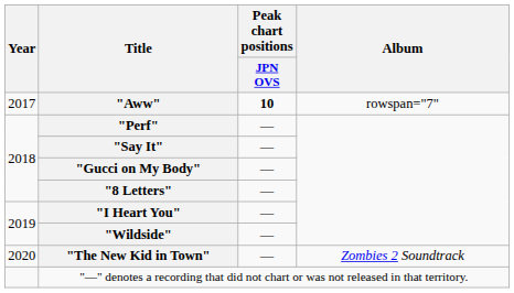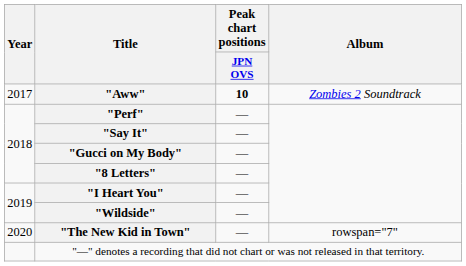 <table class="wikitable plainrowheaders" style="text-align:center;">
 <tr>
 <th rowspan="2" scope="col">Year</th>
 <th scope="col" rowspan="2" style="width:14em;">Title</th>
 <th scope="col" colspan="1">Peak chart positions</th>
 <th scope="col" rowspan="2" style="width:15em;">Album</th>
 </tr>
 <tr>
 <th scope="col" style="width:3em;font-size:90%;"><a href='#'>JPN<br>OVS</a><br></th>
 </tr>
 <tr>
 <td>2017</td>
 <th scope="row">"Aww"</th>
 <td><strong>10</strong></td>
-<td>rowspan="7" </td>
+<td><em><a href='#'>Zombies 2</a> Soundtrack</em></td>
 </tr>
 <tr>
 <td rowspan="4">2018</td>
 <th scope="row">"Perf"</th>
 <td>—</td>
 </tr>
 <tr>
 <th scope="row">"Say It"<br></th>
 <td>—</td>
 </tr>
 <tr>
 <th scope="row">"Gucci on My Body"</th>
 <td>—</td>
 </tr>
 <tr>
 <th scope="row">"8 Letters"</th>
 <td>—</td>
 </tr>
 <tr>
 <td rowspan="2">2019</td>
 <th scope="row">"I Heart You"</th>
 <td>—</td>
 </tr>
 <tr>
 <th scope="row">"Wildside"</th>
 <td>—</td>
 </tr>
 <tr>
 <td rowspan="1">2020</td>
 <th scope="row">"The New Kid in Town"</th>
 <td>—</td>
-<td><em><a href='#'>Zombies 2</a> Soundtrack</em></td>
+<td>rowspan="7" </td>
 </tr>
 <tr>
 <td></td>
 <td colspan="13" style="font-size:90%">"—" denotes a recording that did not chart or was not released in that territory.</td>
 </tr>
 </table>
